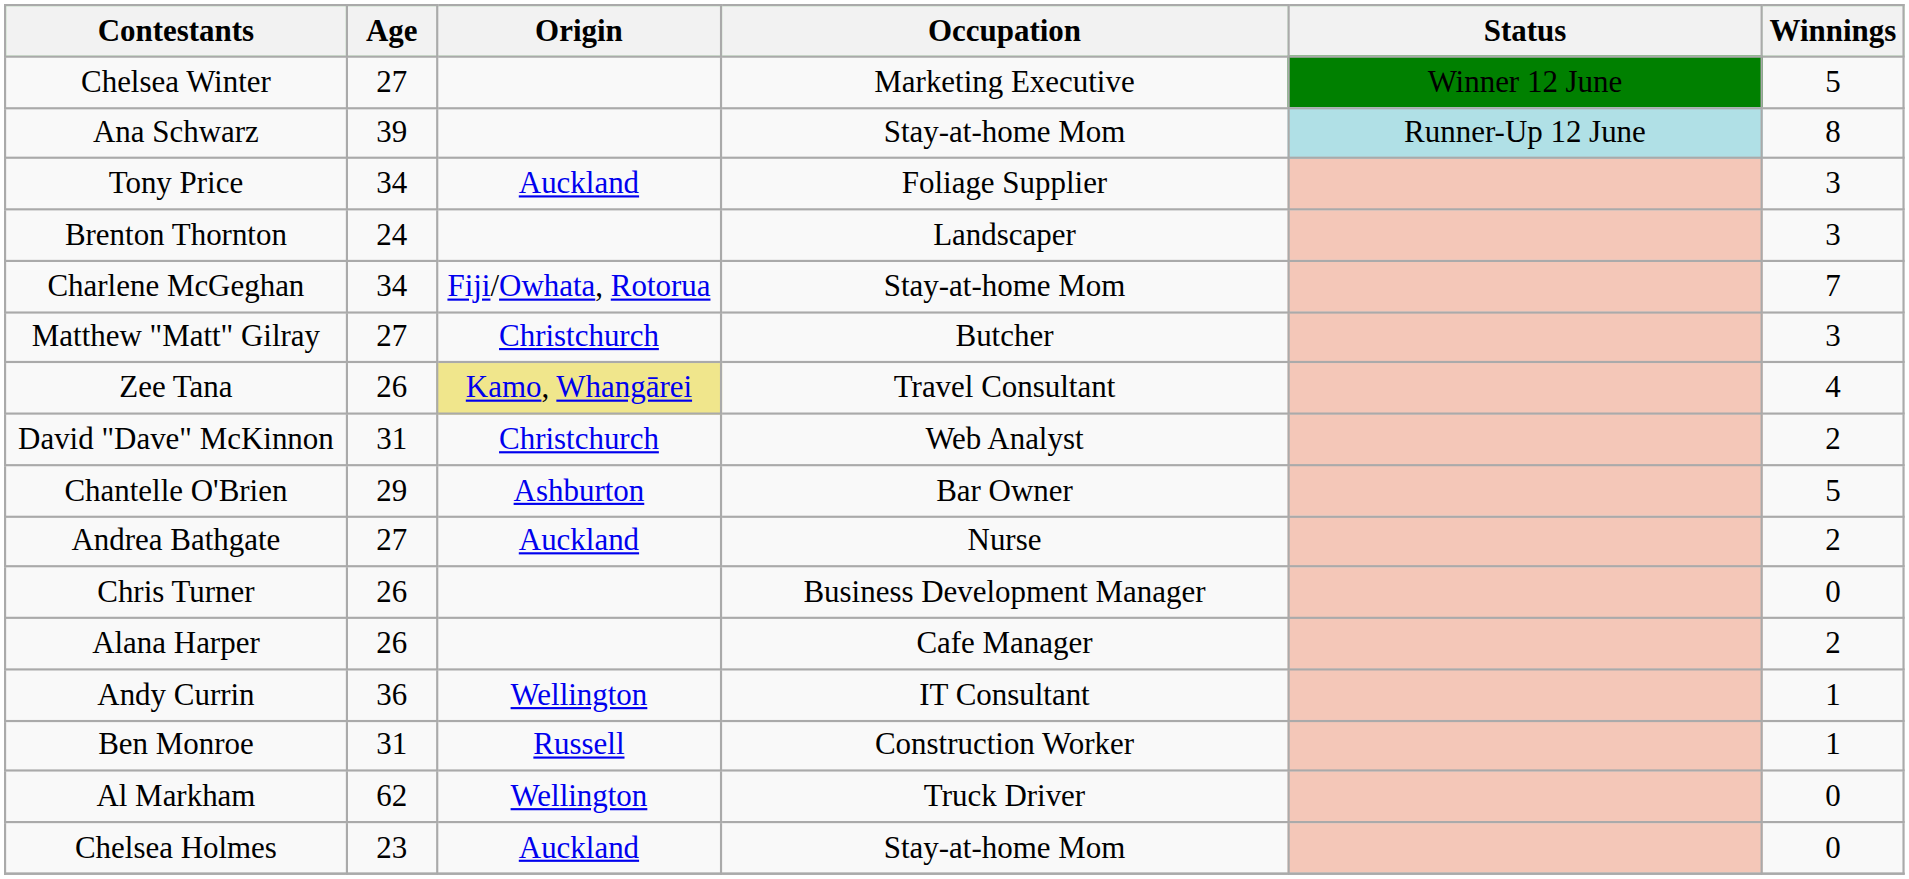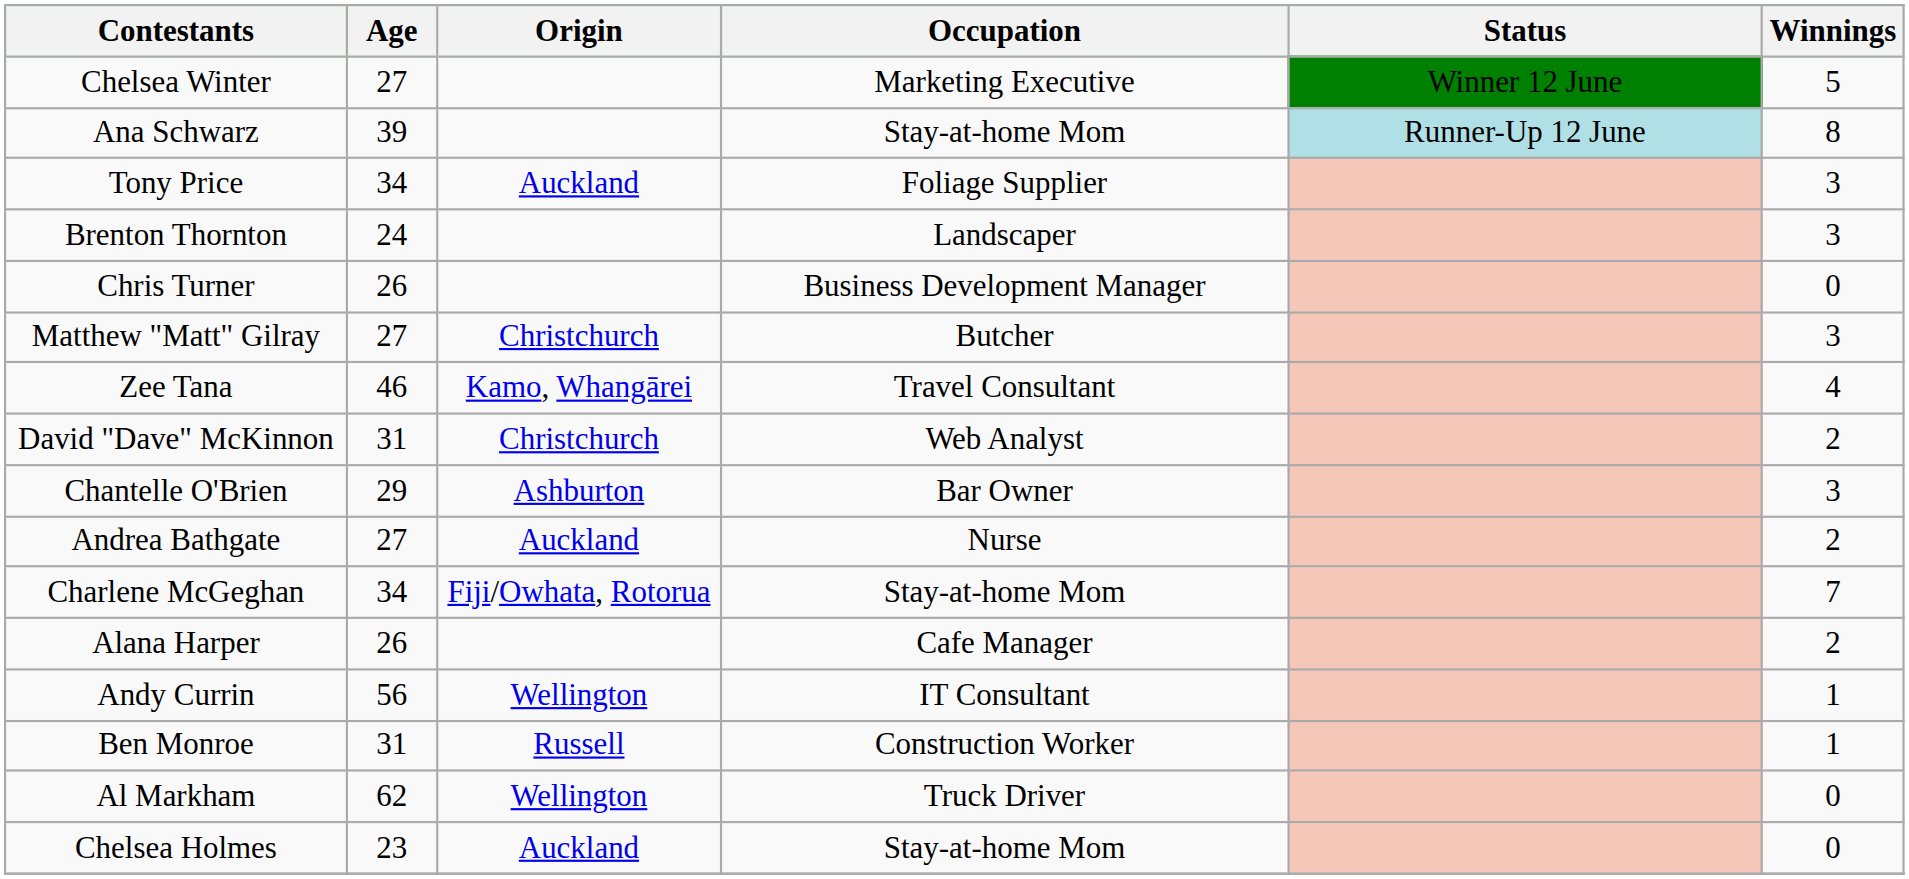 <table class="wikitable sortable" style="text-align:center; font-size:90%; width:100%;">
 <tr style="background:lightgreen;">
 <th style="width:18%;">Contestants</th>
 <th>Age</th>
 <th style="width:15%;">Origin</th>
 <th>Occupation</th>
 <th style="width:25%;">Status</th>
 <th style="width:2%;">Winnings</th>
 </tr>
 <tr>
 <td>Chelsea Winter</td>
 <td>27</td>
 <td></td>
 <td>Marketing Executive</td>
 <td style="background:green;"><span>Winner 12 June</span></td>
 <td>5</td>
 </tr>
 <tr>
 <td>Ana Schwarz</td>
 <td>39</td>
 <td></td>
 <td>Stay-at-home Mom</td>
 <td style="background:#B0E0E6;">Runner-Up 12 June</td>
 <td>8</td>
 </tr>
 <tr>
 <td>Tony Price</td>
 <td>34</td>
 <td><a href='#'>Auckland</a></td>
 <td>Foliage Supplier</td>
 <td rowspan="1" style="background:#f4c7b8; text-align:center;"></td>
 <td>3</td>
 </tr>
 <tr>
 <td>Brenton Thornton</td>
 <td>24</td>
 <td></td>
 <td>Landscaper</td>
 <td rowspan="1" style="background:#f4c7b8; text-align:center;"></td>
 <td>3</td>
 </tr>
 <tr>
-<td>Charlene McGeghan</td>
-<td>34</td>
-<td><a href='#'>Fiji</a>/<a href='#'>Owhata</a>, <a href='#'>Rotorua</a></td>
-<td>Stay-at-home Mom</td>
+<td>Chris Turner</td>
+<td>26</td>
+<td></td>
+<td>Business Development Manager</td>
 <td rowspan="1" style="background:#f4c7b8; text-align:center;"></td>
-<td>7</td>
+<td>0</td>
 </tr>
 <tr>
 <td>Matthew "Matt" Gilray</td>
 <td>27</td>
 <td><a href='#'>Christchurch</a></td>
 <td>Butcher</td>
 <td rowspan="1" style="background:#f4c7b8; text-align:center;"></td>
 <td>3</td>
 </tr>
 <tr>
 <td>Zee Tana</td>
-<td>26</td>
-<td style="background: khaki;"><a href='#'>Kamo</a>, <a href='#'>Whangārei</a></td>
+<td>46</td>
+<td><a href='#'>Kamo</a>, <a href='#'>Whangārei</a></td>
 <td>Travel Consultant</td>
 <td rowspan="1" style="background:#f4c7b8; text-align:center;"></td>
 <td>4</td>
 </tr>
 <tr>
 <td>David "Dave" McKinnon</td>
 <td>31</td>
 <td><a href='#'>Christchurch</a></td>
 <td>Web Analyst</td>
 <td rowspan="1" style="background:#f4c7b8; text-align:center;"></td>
 <td>2</td>
 </tr>
 <tr>
 <td>Chantelle O'Brien</td>
 <td>29</td>
 <td><a href='#'>Ashburton</a></td>
 <td>Bar Owner</td>
 <td rowspan="1" style="background:#f4c7b8; text-align:center;"></td>
-<td>5</td>
+<td>3</td>
 </tr>
 <tr>
 <td>Andrea Bathgate</td>
 <td>27</td>
 <td><a href='#'>Auckland</a></td>
 <td>Nurse</td>
 <td rowspan="1" style="background:#f4c7b8; text-align:center;"></td>
 <td>2</td>
 </tr>
 <tr>
-<td>Chris Turner</td>
-<td>26</td>
-<td></td>
-<td>Business Development Manager</td>
+<td>Charlene McGeghan</td>
+<td>34</td>
+<td><a href='#'>Fiji</a>/<a href='#'>Owhata</a>, <a href='#'>Rotorua</a></td>
+<td>Stay-at-home Mom</td>
 <td rowspan="1" style="background:#f4c7b8; text-align:center;"></td>
-<td>0</td>
+<td>7</td>
 </tr>
 <tr>
 <td>Alana Harper</td>
 <td>26</td>
 <td></td>
 <td>Cafe Manager</td>
 <td rowspan="1" style="background:#f4c7b8; text-align:center;"></td>
 <td>2</td>
 </tr>
 <tr>
 <td>Andy Currin</td>
-<td>36</td>
+<td>56</td>
 <td><a href='#'>Wellington</a></td>
 <td>IT Consultant</td>
 <td rowspan="1" style="background:#f4c7b8; text-align:center;"></td>
 <td>1</td>
 </tr>
 <tr>
 <td>Ben Monroe</td>
 <td>31</td>
 <td><a href='#'>Russell</a></td>
 <td>Construction Worker</td>
 <td rowspan="1" style="background:#f4c7b8; text-align:center;"></td>
 <td>1</td>
 </tr>
 <tr>
 <td>Al Markham</td>
 <td>62</td>
 <td><a href='#'>Wellington</a></td>
 <td>Truck Driver</td>
 <td rowspan="1" style="background:#f4c7b8; text-align:center;"></td>
 <td>0</td>
 </tr>
 <tr>
 <td>Chelsea Holmes</td>
 <td>23</td>
 <td><a href='#'>Auckland</a></td>
 <td>Stay-at-home Mom</td>
 <td rowspan="1" style="background:#f4c7b8; text-align:center;"></td>
 <td>0</td>
 </tr>
 <tr>
 </tr>
 </table>
